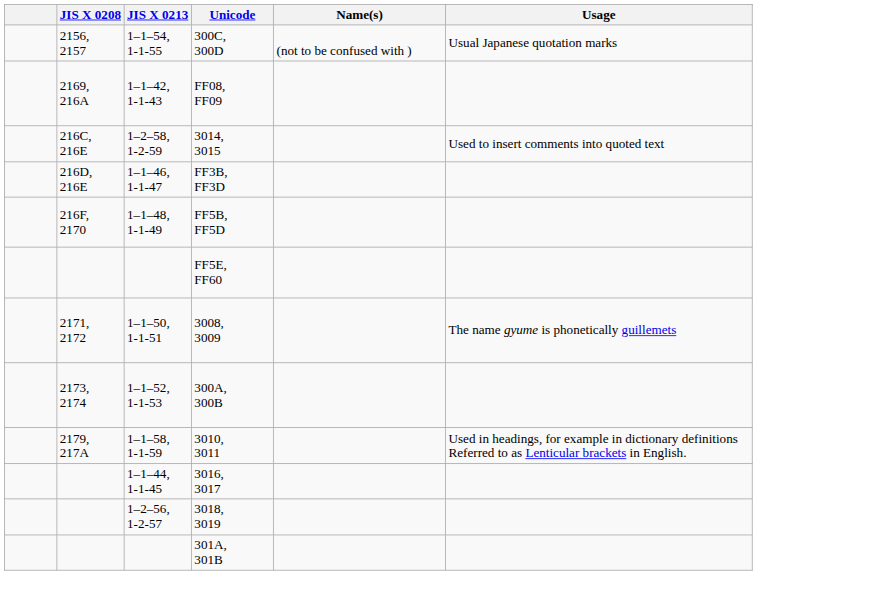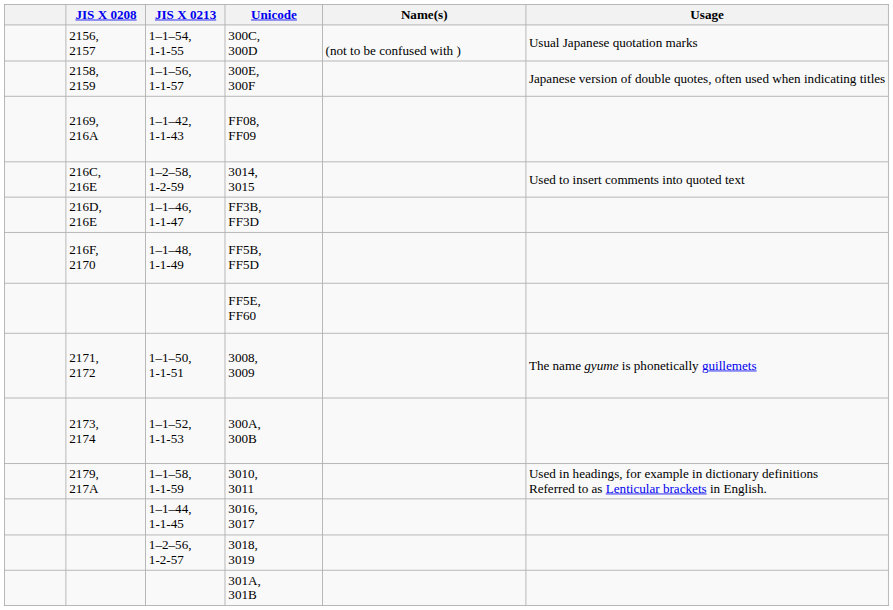 <table class="wikitable">
 <tr>
 <th style="width:7%"></th>
 <th style="width:9%"><a href='#'>JIS X 0208</a></th>
 <th style="width:9%"><a href='#'>JIS X 0213</a></th>
 <th style="width:11%"><a href='#'>Unicode</a></th>
 <th style="width:23%">Name(s)</th>
 <th style="width:41%">Usage</th>
 </tr>
 <tr>
 <td style="font-size: 2em;"></td>
 <td>2156,<br> 2157</td>
 <td>1–1–54,<br> 1-1-55</td>
 <td>300C,<br> 300D</td>
 <td><br> (not to be confused with )<br> </td>
 <td>Usual Japanese quotation marks</td>
+</tr>
+<tr>
+<td style="font-size: 2em;"></td>
+<td>2158,<br> 2159</td>
+<td>1–1–56,<br> 1-1-57</td>
+<td>300E,<br> 300F</td>
+<td><br><br> </td>
+<td>Japanese version of double quotes, often used when indicating titles</td>
 </tr>
 <tr>
 <td style="font-size: 2em;"></td>
 <td>2169,<br> 216A</td>
 <td>1–1–42,<br> 1-1-43</td>
 <td>FF08,<br> FF09</td>
 <td><br><br> <br> <br> </td>
 <td></td>
 </tr>
 <tr>
 <td style="font-size: 2em;"></td>
 <td>216C,<br> 216E</td>
 <td>1–2–58,<br> 1-2-59</td>
 <td>3014,<br> 3015</td>
 <td><br></td>
 <td>Used to insert comments into quoted text</td>
 </tr>
 <tr>
 <td style="font-size: 2em;"></td>
 <td>216D,<br> 216E</td>
 <td>1–1–46,<br>1-1-47</td>
 <td>FF3B,<br> FF3D</td>
 <td><br><br> </td>
 <td></td>
 </tr>
 <tr>
 <td style="font-size: 2em;"></td>
 <td>216F,<br> 2170</td>
 <td>1–1–48,<br> 1-1-49</td>
 <td>FF5B,<br> FF5D</td>
 <td><br><br> <br> </td>
 <td></td>
 </tr>
 <tr>
 <td style="font-size: 2em;"></td>
 <td><br></td>
 <td><br></td>
 <td>FF5E,<br> FF60</td>
 <td><br><br> <br></td>
 <td></td>
 </tr>
 <tr>
 <td style="font-size: 2em;"></td>
 <td>2171,<br> 2172</td>
 <td>1–1–50,<br> 1-1-51</td>
 <td>3008,<br> 3009</td>
 <td><br><br> <br> <br> </td>
 <td>The name <em>gyume</em> is phonetically <a href='#'>guillemets</a></td>
 </tr>
 <tr>
 <td style="font-size: 2em;"></td>
 <td>2173,<br> 2174</td>
 <td>1–1–52,<br> 1-1-53</td>
 <td>300A,<br> 300B</td>
 <td><br><br> <br> <br> </td>
 <td></td>
 </tr>
 <tr>
 <td style="font-size: 2em;"></td>
 <td>2179,<br> 217A</td>
 <td>1–1–58,<br> 1-1-59</td>
 <td>3010,<br> 3011</td>
 <td><br><br> </td>
 <td>Used in headings, for example in dictionary definitions <br> Referred to as <a href='#'>Lenticular brackets</a> in English.</td>
 </tr>
 <tr>
 <td style="font-size: 2em;"></td>
 <td></td>
 <td>1–1–44,<br> 1-1-45</td>
 <td>3016,<br> 3017</td>
 <td></td>
 <td></td>
 </tr>
 <tr>
 <td style="font-size: 2em;"></td>
 <td></td>
 <td>1–2–56,<br> 1-2-57</td>
 <td>3018,<br> 3019</td>
 <td></td>
 <td></td>
 </tr>
 <tr>
 <td style="font-size: 2em;"></td>
 <td></td>
 <td></td>
 <td>301A,<br> 301B</td>
 <td></td>
 <td></td>
 </tr>
 </table>
